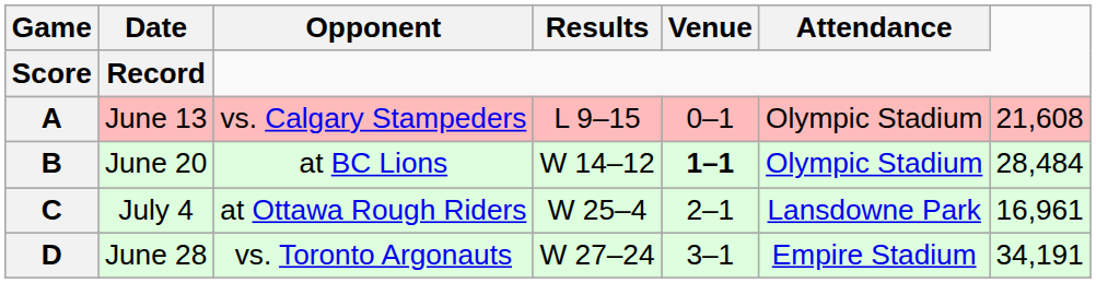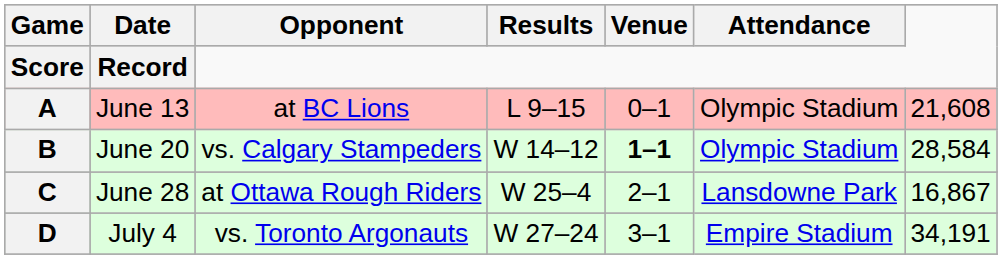 <table class="wikitable" style="text-align:center">
 <tr>
 <th>Game</th>
 <th>Date</th>
 <th>Opponent</th>
 <th>Results</th>
 <th>Venue</th>
 <th>Attendance</th>
 </tr>
 <tr>
 <th>Score</th>
 <th>Record</th>
 </tr>
 <tr style="background:#ffbbbb">
 <th>A</th>
 <td>June 13</td>
-<td>vs. <a href='#'>Calgary Stampeders</a></td>
+<td>at <a href='#'>BC Lions</a></td>
 <td>L 9–15</td>
 <td>0–1</td>
 <td>Olympic Stadium</td>
 <td>21,608</td>
 </tr>
 <tr style="background:#ddffdd">
 <th>B</th>
 <td>June 20</td>
-<td>at <a href='#'>BC Lions</a></td>
+<td>vs. <a href='#'>Calgary Stampeders</a></td>
 <td>W 14–12</td>
 <td><strong>1–1</strong></td>
 <td><a href='#'>Olympic Stadium</a></td>
-<td>28,484</td>
+<td>28,584</td>
 </tr>
 <tr style="background:#ddffdd">
 <th>C</th>
-<td>July 4</td>
+<td>June 28</td>
 <td>at <a href='#'>Ottawa Rough Riders</a></td>
 <td>W 25–4</td>
 <td>2–1</td>
 <td><a href='#'>Lansdowne Park</a></td>
-<td>16,961</td>
+<td>16,867</td>
 </tr>
 <tr style="background:#ddffdd">
 <th>D</th>
-<td>June 28</td>
+<td>July 4</td>
 <td>vs. <a href='#'>Toronto Argonauts</a></td>
 <td>W 27–24</td>
 <td>3–1</td>
 <td><a href='#'>Empire Stadium</a></td>
 <td>34,191</td>
 </tr>
 </table>
